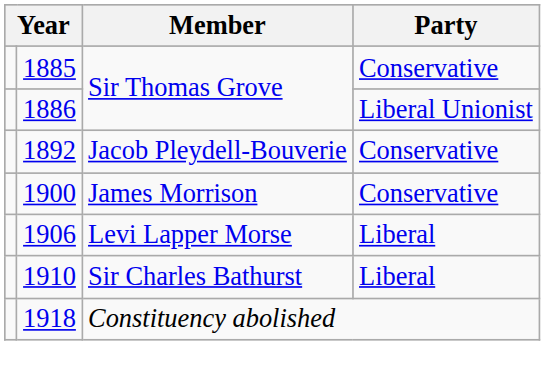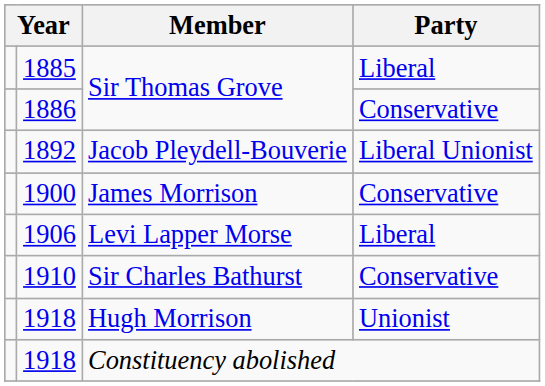 <table class="wikitable">
 <tr>
 <th colspan="2">Year</th>
 <th>Member</th>
 <th>Party</th>
 </tr>
 <tr>
 <td style="color:inherit;background-color: "></td>
 <td><a href='#'>1885</a></td>
 <td rowspan="2"><a href='#'>Sir Thomas Grove</a></td>
-<td><a href='#'>Conservative</a></td>
+<td><a href='#'>Liberal</a></td>
 </tr>
 <tr>
 <td style="color:inherit;background-color: "></td>
 <td><a href='#'>1886</a></td>
-<td><a href='#'>Liberal Unionist</a></td>
+<td><a href='#'>Conservative</a></td>
 </tr>
 <tr>
 <td style="color:inherit;background-color: "></td>
 <td><a href='#'>1892</a></td>
 <td><a href='#'>Jacob Pleydell-Bouverie</a></td>
-<td><a href='#'>Conservative</a></td>
+<td><a href='#'>Liberal Unionist</a></td>
 </tr>
 <tr>
 <td style="color:inherit;background-color: "></td>
 <td><a href='#'>1900</a></td>
 <td><a href='#'>James Morrison</a></td>
 <td><a href='#'>Conservative</a></td>
 </tr>
 <tr>
 <td style="color:inherit;background-color: "></td>
 <td><a href='#'>1906</a></td>
 <td><a href='#'>Levi Lapper Morse</a></td>
 <td><a href='#'>Liberal</a></td>
 </tr>
 <tr>
 <td style="color:inherit;background-color: "></td>
 <td><a href='#'>1910</a></td>
 <td><a href='#'>Sir Charles Bathurst</a></td>
-<td><a href='#'>Liberal</a></td>
+<td><a href='#'>Conservative</a></td>
+</tr>
+<tr>
+<td style="color:inherit;background-color: "></td>
+<td><a href='#'>1918</a></td>
+<td><a href='#'>Hugh Morrison</a></td>
+<td><a href='#'>Unionist</a></td>
 </tr>
 <tr>
 <td></td>
 <td><a href='#'>1918</a></td>
 <td colspan="2"><em>Constituency abolished</em></td>
 </tr>
 </table>
